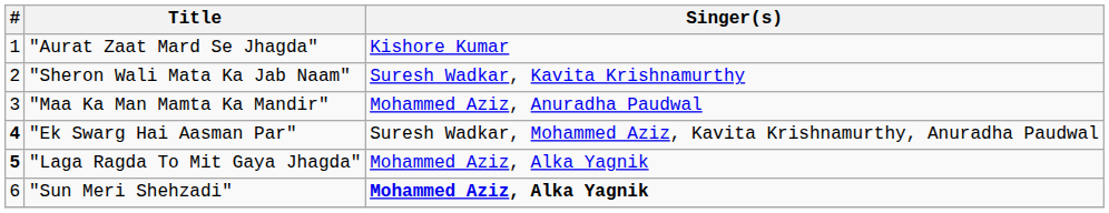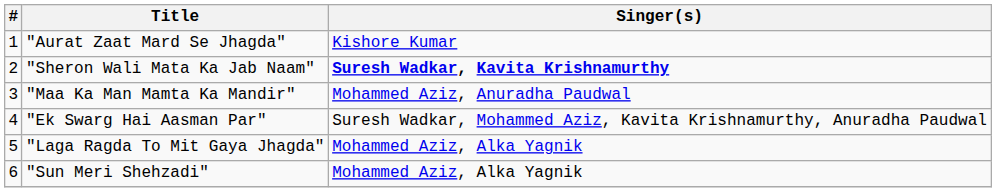 <table class="wikitable" style="font-size:95%;">
 <tr>
 <th>#</th>
 <th>Title</th>
 <th>Singer(s)</th>
 </tr>
 <tr>
 <td>1</td>
 <td>"Aurat Zaat Mard Se Jhagda"</td>
 <td><a href='#'>Kishore Kumar</a></td>
 </tr>
 <tr>
 <td>2</td>
 <td>"Sheron Wali Mata Ka Jab Naam"</td>
-<td><a href='#'>Suresh Wadkar</a>, <a href='#'>Kavita Krishnamurthy</a></td>
+<td><strong><a href='#'>Suresh Wadkar</a>, <a href='#'>Kavita Krishnamurthy</a></strong></td>
 </tr>
 <tr>
 <td>3</td>
 <td>"Maa Ka Man Mamta Ka Mandir"</td>
 <td><a href='#'>Mohammed Aziz</a>, <a href='#'>Anuradha Paudwal</a></td>
 </tr>
 <tr>
-<td><strong>4</strong></td>
+<td>4</td>
 <td>"Ek Swarg Hai Aasman Par"</td>
 <td>Suresh Wadkar, <a href='#'>Mohammed Aziz</a>, Kavita Krishnamurthy, Anuradha Paudwal</td>
 </tr>
 <tr>
-<td><strong>5</strong></td>
+<td>5</td>
 <td>"Laga Ragda To Mit Gaya Jhagda"</td>
 <td><a href='#'>Mohammed Aziz</a>, <a href='#'>Alka Yagnik</a></td>
 </tr>
 <tr>
 <td>6</td>
 <td>"Sun Meri Shehzadi"</td>
-<td><strong><a href='#'>Mohammed Aziz</a>, Alka Yagnik</strong></td>
+<td><a href='#'>Mohammed Aziz</a>, Alka Yagnik</td>
 </tr>
 <tr>
 </tr>
 </table>
